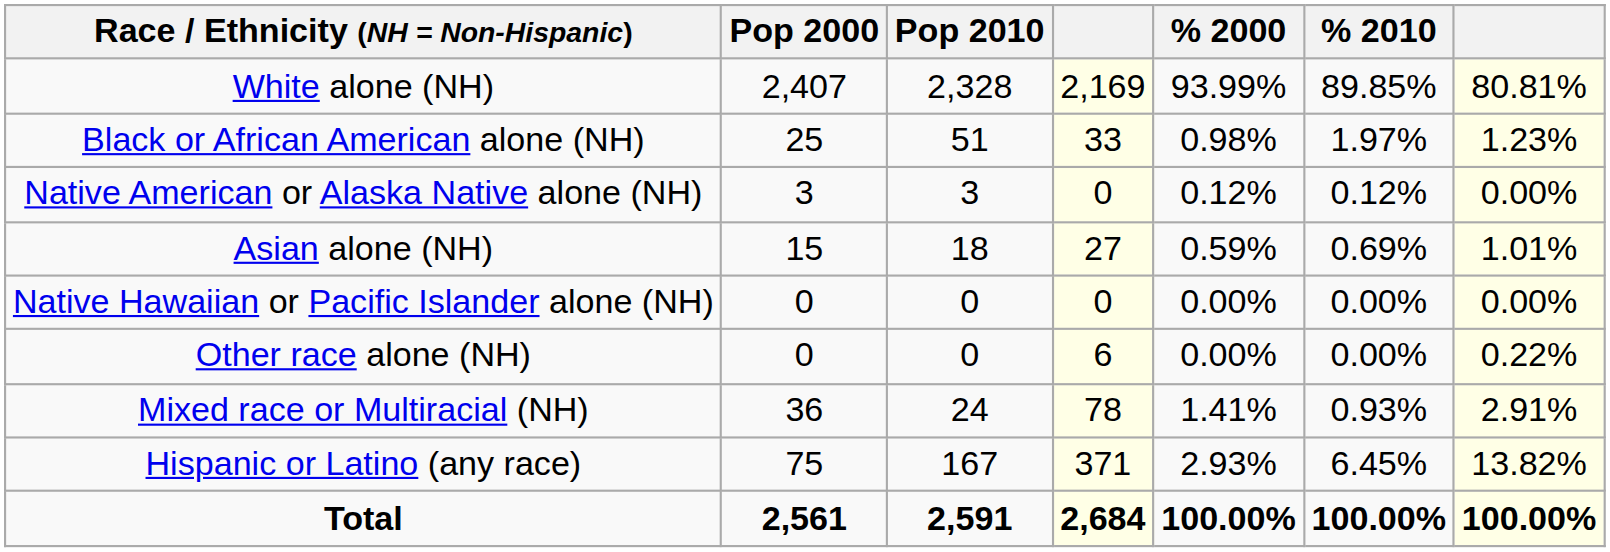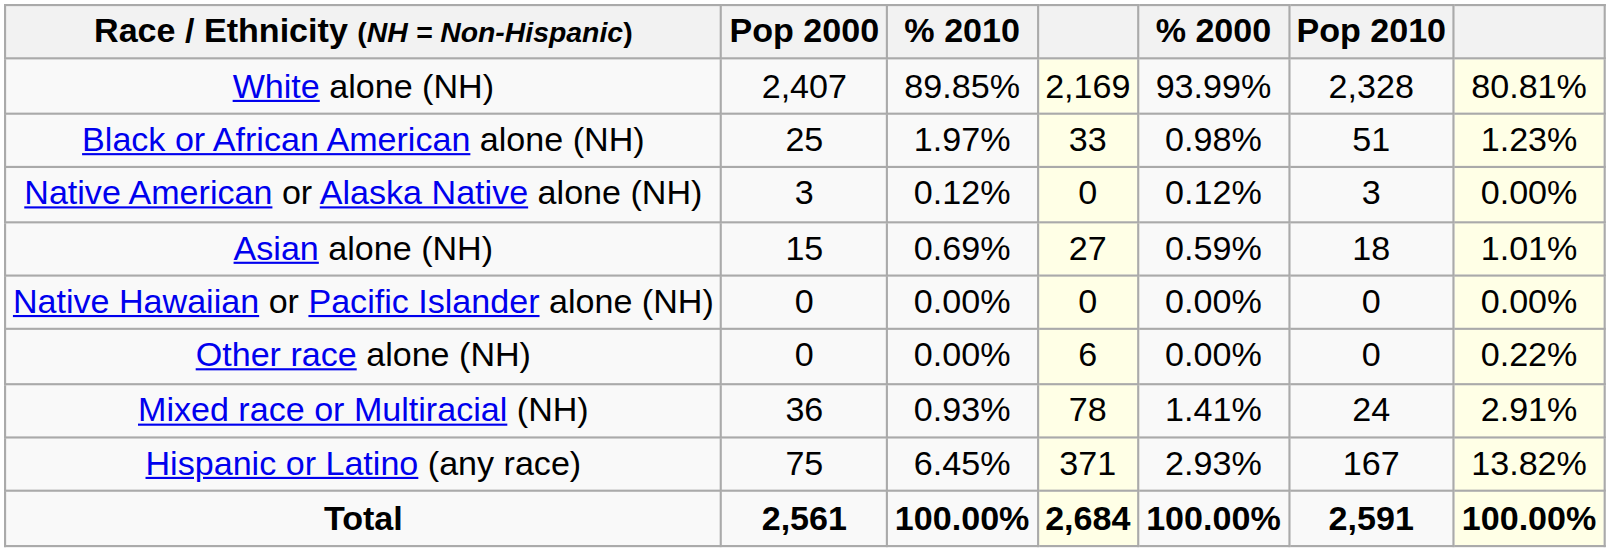 <table class="wikitable" style="text-align:center;">
 <tr>
 <th>Race / Ethnicity <small>(<em>NH = Non-Hispanic</em>)</small></th>
 <th>Pop 2000</th>
-<th>Pop 2010</th>
+<th>% 2010</th>
 <th></th>
 <th>% 2000</th>
-<th>% 2010</th>
+<th>Pop 2010</th>
 <th></th>
 </tr>
 <tr>
 <td><a href='#'>White</a> alone (NH)</td>
 <td>2,407</td>
-<td>2,328</td>
+<td>89.85%</td>
 <td style='background: #ffffe6;'>2,169</td>
 <td>93.99%</td>
-<td>89.85%</td>
+<td>2,328</td>
 <td style='background: #ffffe6;'>80.81%</td>
 </tr>
 <tr>
 <td><a href='#'>Black or African American</a> alone (NH)</td>
 <td>25</td>
-<td>51</td>
+<td>1.97%</td>
 <td style='background: #ffffe6;'>33</td>
 <td>0.98%</td>
-<td>1.97%</td>
+<td>51</td>
 <td style='background: #ffffe6;'>1.23%</td>
 </tr>
 <tr>
 <td><a href='#'>Native American</a> or <a href='#'>Alaska Native</a> alone (NH)</td>
 <td>3</td>
-<td>3</td>
+<td>0.12%</td>
 <td style='background: #ffffe6;'>0</td>
 <td>0.12%</td>
-<td>0.12%</td>
+<td>3</td>
 <td style='background: #ffffe6;'>0.00%</td>
 </tr>
 <tr>
 <td><a href='#'>Asian</a> alone (NH)</td>
 <td>15</td>
-<td>18</td>
+<td>0.69%</td>
 <td style='background: #ffffe6;'>27</td>
 <td>0.59%</td>
-<td>0.69%</td>
+<td>18</td>
 <td style='background: #ffffe6;'>1.01%</td>
 </tr>
 <tr>
 <td><a href='#'>Native Hawaiian</a> or <a href='#'>Pacific Islander</a> alone (NH)</td>
 <td>0</td>
-<td>0</td>
+<td>0.00%</td>
 <td style='background: #ffffe6;'>0</td>
 <td>0.00%</td>
-<td>0.00%</td>
+<td>0</td>
 <td style='background: #ffffe6;'>0.00%</td>
 </tr>
 <tr>
 <td><a href='#'>Other race</a> alone (NH)</td>
 <td>0</td>
-<td>0</td>
+<td>0.00%</td>
 <td style='background: #ffffe6;'>6</td>
 <td>0.00%</td>
-<td>0.00%</td>
+<td>0</td>
 <td style='background: #ffffe6;'>0.22%</td>
 </tr>
 <tr>
 <td><a href='#'>Mixed race or Multiracial</a> (NH)</td>
 <td>36</td>
-<td>24</td>
+<td>0.93%</td>
 <td style='background: #ffffe6;'>78</td>
 <td>1.41%</td>
-<td>0.93%</td>
+<td>24</td>
 <td style='background: #ffffe6;'>2.91%</td>
 </tr>
 <tr>
 <td><a href='#'>Hispanic or Latino</a> (any race)</td>
 <td>75</td>
-<td>167</td>
+<td>6.45%</td>
 <td style='background: #ffffe6;'>371</td>
 <td>2.93%</td>
-<td>6.45%</td>
+<td>167</td>
 <td style='background: #ffffe6;'>13.82%</td>
 </tr>
 <tr>
 <td><strong>Total</strong></td>
 <td><strong>2,561</strong></td>
-<td><strong>2,591</strong></td>
+<td><strong>100.00%</strong></td>
 <td style='background: #ffffe6;'><strong>2,684</strong></td>
 <td><strong>100.00%</strong></td>
-<td><strong>100.00%</strong></td>
+<td><strong>2,591</strong></td>
 <td style='background: #ffffe6;'><strong>100.00%</strong></td>
 </tr>
 </table>
